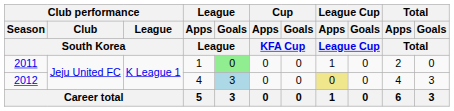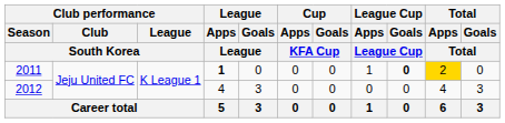 <table class="wikitable" style="text-align:center">
 <tr>
 <th colspan=3>Club performance</th>
 <th colspan=2>League</th>
 <th colspan=2>Cup</th>
 <th colspan=2>League Cup</th>
 <th colspan=2>Total</th>
 </tr>
 <tr>
 <th>Season</th>
 <th>Club</th>
 <th>League</th>
 <th>Apps</th>
 <th>Goals</th>
 <th>Apps</th>
 <th>Goals</th>
 <th>Apps</th>
 <th>Goals</th>
 <th>Apps</th>
 <th>Goals</th>
 </tr>
 <tr>
 <th colspan=3>South Korea</th>
 <th colspan=2>League</th>
 <th colspan=2><a href='#'>KFA Cup</a></th>
 <th colspan=2><a href='#'>League Cup</a></th>
 <th colspan=2>Total</th>
 </tr>
 <tr>
 <td><a href='#'>2011</a></td>
 <td rowspan="2"><a href='#'>Jeju United FC</a></td>
 <td rowspan="2"><a href='#'>K League 1</a></td>
-<td>1</td>
-<td style="background: lightgreen;">0</td>
+<td><strong>1</strong></td>
+<td>0</td>
 <td>0</td>
 <td>0</td>
 <td>1</td>
-<td>0</td>
-<td>2</td>
+<td><strong>0</strong></td>
+<td style="background: gold;">2</td>
 <td>0</td>
 </tr>
 <tr>
 <td><a href='#'>2012</a></td>
 <td>4</td>
-<td style="background: lightblue;">3</td>
+<td>3</td>
 <td>0</td>
 <td>0</td>
-<td style="background: khaki;">0</td>
+<td>0</td>
 <td>0</td>
 <td>4</td>
 <td>3</td>
 </tr>
 <tr>
 <th colspan=3>Career total</th>
 <th>5</th>
 <th>3</th>
 <th>0</th>
 <th>0</th>
 <th>1</th>
 <th>0</th>
 <th>6</th>
 <th>3</th>
 </tr>
 </table>
